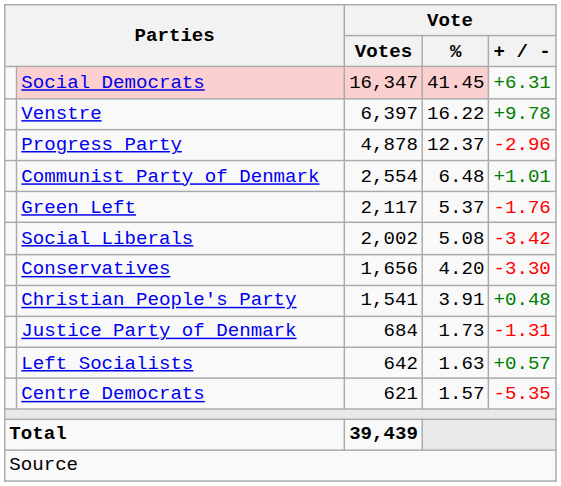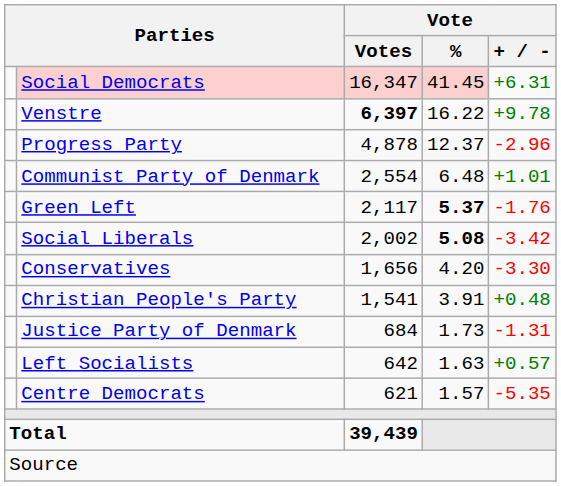 <table class="wikitable" style="text-align:right;">
 <tr>
 <th style="text-align:centre;" rowspan="2" colspan="2" width="225">Parties</th>
 <th colspan="3">Vote</th>
 </tr>
 <tr>
 <th width="15">Votes</th>
 <th width="15">%</th>
 <th width="15">+ / -</th>
 </tr>
 <tr>
 <td width="2" style="color:inherit;background:"></td>
 <td bgcolor=#fbd0ce  align="left"><a href='#'>Social Democrats</a></td>
 <td bgcolor=#fbd0ce>16,347</td>
 <td bgcolor=#fbd0ce>41.45</td>
 <td style=color:green;>+6.31</td>
 </tr>
 <tr>
 <td width="2" style="color:inherit;background:"></td>
 <td align="left"><a href='#'>Venstre</a></td>
-<td>6,397</td>
+<td><strong>6,397</strong></td>
 <td>16.22</td>
 <td style=color:green;>+9.78</td>
 </tr>
 <tr>
 <td width="2" style="color:inherit;background:"></td>
 <td align="left"><a href='#'>Progress Party</a></td>
 <td>4,878</td>
 <td>12.37</td>
 <td style=color:red;>-2.96</td>
 </tr>
 <tr>
 <td width="2" style="color:inherit;background:"></td>
 <td align="left"><a href='#'>Communist Party of Denmark</a></td>
 <td>2,554</td>
 <td>6.48</td>
 <td style=color:green;>+1.01</td>
 </tr>
 <tr>
 <td width="2" style="color:inherit;background:"></td>
 <td align="left"><a href='#'>Green Left</a></td>
 <td>2,117</td>
-<td>5.37</td>
+<td><strong>5.37</strong></td>
 <td style=color:red;>-1.76</td>
 </tr>
 <tr>
 <td width="2" style="color:inherit;background:"></td>
 <td align="left"><a href='#'>Social Liberals</a></td>
 <td>2,002</td>
-<td>5.08</td>
+<td><strong>5.08</strong></td>
 <td style=color:red;>-3.42</td>
 </tr>
 <tr>
 <td width="2" style="color:inherit;background:"></td>
 <td align="left"><a href='#'>Conservatives</a></td>
 <td>1,656</td>
 <td>4.20</td>
 <td style=color:red;>-3.30</td>
 </tr>
 <tr>
 <td width="2" style="color:inherit;background:"></td>
 <td align="left"><a href='#'>Christian People's Party</a></td>
 <td>1,541</td>
 <td>3.91</td>
 <td style=color:green;>+0.48</td>
 </tr>
 <tr>
 <td width="2" style="color:inherit;background:"></td>
 <td align="left"><a href='#'>Justice Party of Denmark</a></td>
 <td>684</td>
 <td>1.73</td>
 <td style=color:red;>-1.31</td>
 </tr>
 <tr>
 <td width="2" style="color:inherit;background:"></td>
 <td align="left"><a href='#'>Left Socialists</a></td>
 <td>642</td>
 <td>1.63</td>
 <td style=color:green;>+0.57</td>
 </tr>
 <tr>
 <td width="2" style="color:inherit;background:"></td>
 <td align="left"><a href='#'>Centre Democrats</a></td>
 <td>621</td>
 <td>1.57</td>
 <td style=color:red;>-5.35</td>
 </tr>
 <tr>
 <td colspan="7" bgcolor="#E9E9E9"></td>
 </tr>
 <tr>
 <td align="left" colspan="2"><strong>Total</strong></td>
 <td><strong>39,439</strong></td>
 <td bgcolor="#E9E9E9" colspan="2"></td>
 </tr>
 <tr>
 <td align="left" colspan="6">Source</td>
 </tr>
 </table>
